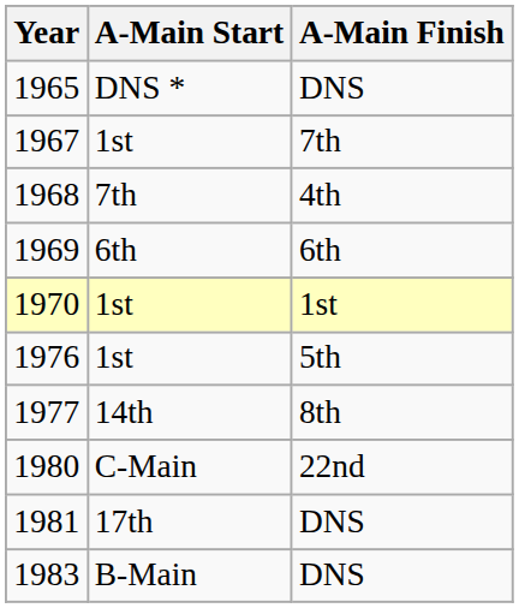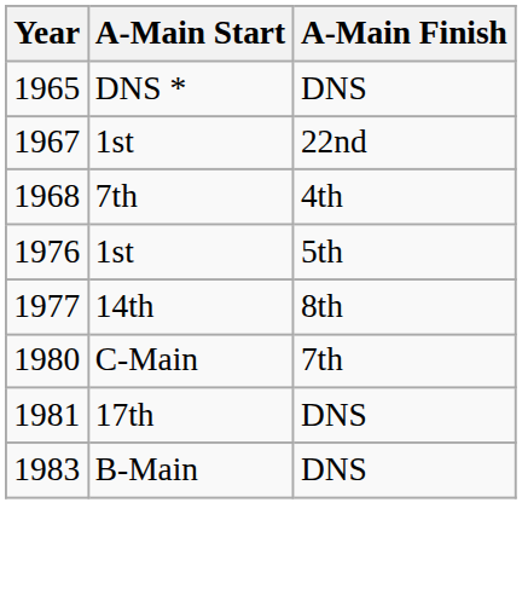 <table class="wikitable" style="font-size: 90%;">
 <tr>
 <th>Year</th>
 <th>A-Main Start</th>
 <th>A-Main Finish</th>
 </tr>
 <tr>
 <td>1965</td>
 <td>DNS *</td>
 <td>DNS</td>
 </tr>
 <tr>
 <td>1967</td>
 <td>1st</td>
-<td>7th</td>
+<td>22nd</td>
 </tr>
 <tr>
 <td>1968</td>
 <td>7th</td>
 <td>4th</td>
-</tr>
-<tr>
-<td>1969</td>
-<td>6th</td>
-<td>6th</td>
-</tr>
-<tr>
-<td style="background:#FFFFBF;">1970</td>
-<td style="background:#FFFFBF;">1st</td>
-<td style="background:#FFFFBF;">1st</td>
 </tr>
 <tr>
 <td>1976</td>
 <td>1st</td>
 <td>5th</td>
 </tr>
 <tr>
 <td>1977</td>
 <td>14th</td>
 <td>8th</td>
 </tr>
 <tr>
 <td>1980</td>
 <td>C-Main</td>
-<td>22nd</td>
+<td>7th</td>
 </tr>
 <tr>
 <td>1981</td>
 <td>17th</td>
 <td>DNS</td>
 </tr>
 <tr>
 <td>1983</td>
 <td>B-Main</td>
 <td>DNS</td>
 </tr>
 </table>
